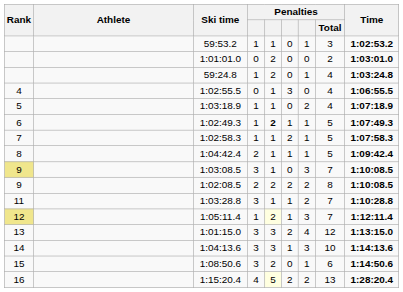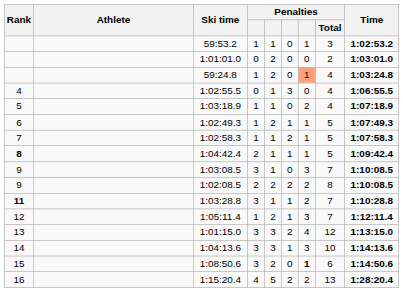 <table class=wikitable style="text-align:center">
 <tr>
 <th rowspan=2 width=40>Rank</th>
 <th rowspan=2 width=250>Athlete</th>
 <th rowspan=2 width=80>Ski time</th>
 <th colspan=5>Penalties</th>
 <th rowspan=2 width=80>Time</th>
 </tr>
 <tr>
 <th width=20></th>
 <th width=20></th>
 <th width=20></th>
 <th width=20></th>
 <th width=40>Total</th>
 </tr>
 <tr>
 <td></td>
 <td align=left></td>
 <td>59:53.2</td>
 <td>1</td>
 <td>1</td>
 <td>0</td>
 <td>1</td>
 <td>3</td>
 <td><strong>1:02:53.2</strong></td>
 </tr>
 <tr>
 <td></td>
 <td align=left></td>
 <td>1:01:01.0</td>
 <td>0</td>
 <td>2</td>
 <td>0</td>
 <td>0</td>
 <td>2</td>
 <td><strong>1:03:01.0</strong></td>
 </tr>
 <tr>
 <td></td>
 <td align=left></td>
 <td>59:24.8</td>
 <td>1</td>
 <td>2</td>
 <td>0</td>
-<td>1</td>
+<td style="background: lightsalmon;">1</td>
 <td>4</td>
 <td><strong>1:03:24.8</strong></td>
 </tr>
 <tr>
 <td>4</td>
 <td align=left></td>
 <td>1:02:55.5</td>
 <td>0</td>
 <td>1</td>
 <td>3</td>
 <td>0</td>
 <td>4</td>
 <td><strong>1:06:55.5</strong></td>
 </tr>
 <tr>
 <td>5</td>
 <td align=left></td>
 <td>1:03:18.9</td>
 <td>1</td>
 <td>1</td>
 <td>0</td>
 <td>2</td>
 <td>4</td>
 <td><strong>1:07:18.9</strong></td>
 </tr>
 <tr>
 <td>6</td>
 <td align=left></td>
 <td>1:02:49.3</td>
 <td>1</td>
-<td><strong>2</strong></td>
+<td>2</td>
 <td>1</td>
 <td>1</td>
 <td>5</td>
 <td><strong>1:07:49.3</strong></td>
 </tr>
 <tr>
 <td>7</td>
 <td align=left></td>
 <td>1:02:58.3</td>
 <td>1</td>
 <td>1</td>
 <td>2</td>
 <td>1</td>
 <td>5</td>
 <td><strong>1:07:58.3</strong></td>
 </tr>
 <tr>
-<td>8</td>
+<td><strong>8</strong></td>
 <td align=left></td>
 <td>1:04:42.4</td>
 <td>2</td>
 <td>1</td>
 <td>1</td>
 <td>1</td>
 <td>5</td>
 <td><strong>1:09:42.4</strong></td>
 </tr>
 <tr>
-<td style="background: khaki;">9</td>
+<td>9</td>
 <td align=left></td>
 <td>1:03:08.5</td>
 <td>3</td>
 <td>1</td>
 <td>0</td>
 <td>3</td>
 <td>7</td>
 <td><strong>1:10:08.5</strong></td>
 </tr>
 <tr>
 <td>9</td>
 <td align=left></td>
 <td>1:02:08.5</td>
 <td>2</td>
 <td>2</td>
 <td>2</td>
 <td>2</td>
 <td>8</td>
 <td><strong>1:10:08.5</strong></td>
 </tr>
 <tr>
-<td>11</td>
+<td><strong>11</strong></td>
 <td align=left></td>
 <td>1:03:28.8</td>
 <td>3</td>
 <td>1</td>
 <td>1</td>
 <td>2</td>
 <td>7</td>
 <td><strong>1:10:28.8</strong></td>
 </tr>
 <tr>
-<td style="background: khaki;">12</td>
+<td>12</td>
 <td align=left></td>
 <td>1:05:11.4</td>
 <td>1</td>
-<td style="background: lightyellow;">2</td>
+<td>2</td>
 <td>1</td>
 <td>3</td>
 <td>7</td>
 <td><strong>1:12:11.4</strong></td>
 </tr>
 <tr>
 <td>13</td>
 <td align=left></td>
 <td>1:01:15.0</td>
 <td>3</td>
 <td>3</td>
 <td>2</td>
 <td>4</td>
 <td>12</td>
 <td><strong>1:13:15.0</strong></td>
 </tr>
 <tr>
 <td>14</td>
 <td align=left></td>
 <td>1:04:13.6</td>
 <td>3</td>
 <td>3</td>
 <td>1</td>
 <td>3</td>
 <td>10</td>
 <td><strong>1:14:13.6</strong></td>
 </tr>
 <tr>
 <td>15</td>
 <td align=left></td>
 <td>1:08:50.6</td>
 <td>3</td>
 <td>2</td>
 <td>0</td>
-<td>1</td>
+<td><strong>1</strong></td>
 <td>6</td>
 <td><strong>1:14:50.6</strong></td>
 </tr>
 <tr>
 <td>16</td>
 <td align=left></td>
 <td>1:15:20.4</td>
 <td>4</td>
-<td style="background: lightyellow;">5</td>
+<td>5</td>
 <td>2</td>
 <td>2</td>
 <td>13</td>
 <td><strong>1:28:20.4</strong></td>
 </tr>
 </table>
